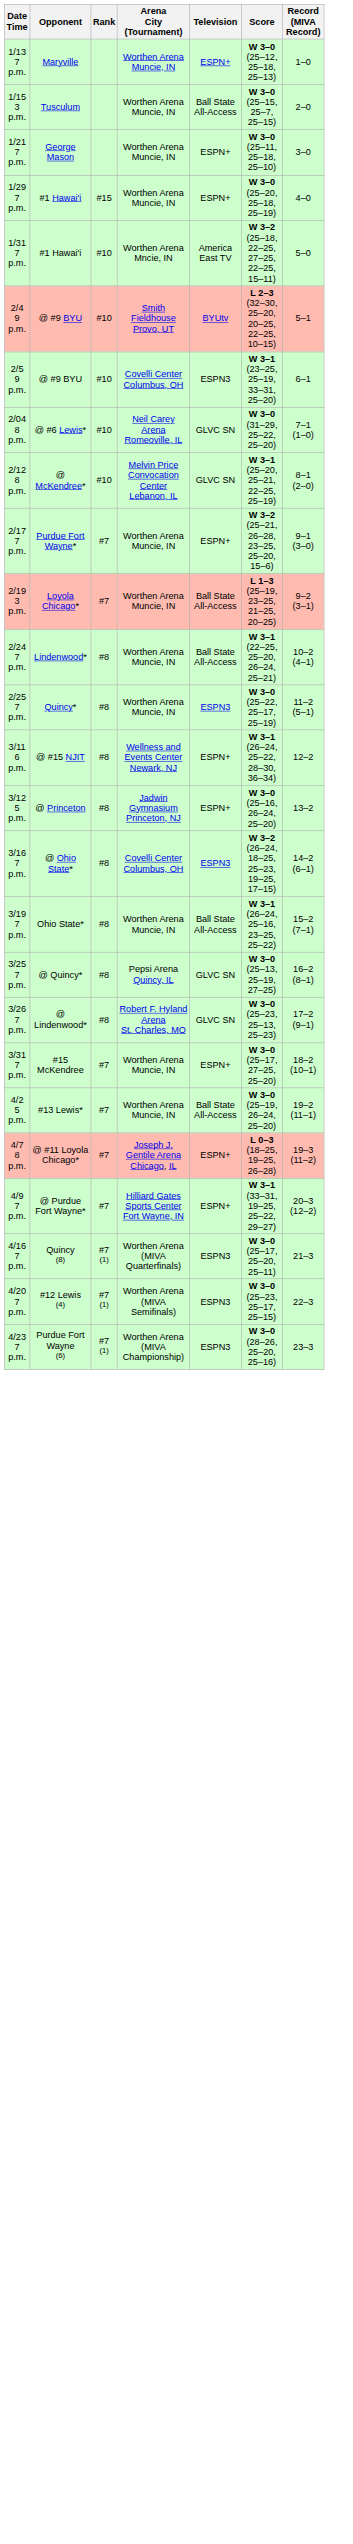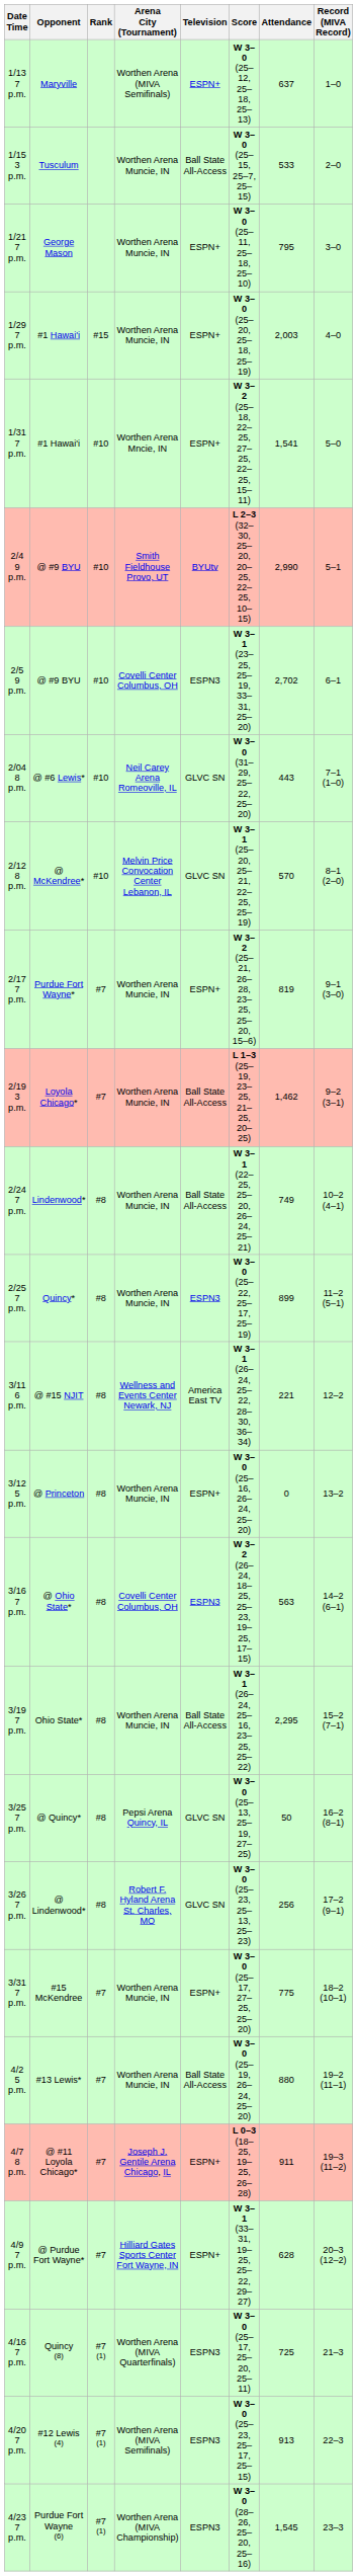 <table class="wikitable sortable" style="width:90%">
 <tr>
 <th>Date<br>Time</th>
 <th>Opponent</th>
 <th>Rank</th>
 <th>Arena<br>City<br>(Tournament)</th>
 <th>Television</th>
 <th>Score</th>
+<th>Attendance</th>
 <th>Record<br>(MIVA Record)</th>
 </tr>
 <tr align="center" bgcolor="#ccffcc">
 <td>1/13<br>7 p.m.</td>
 <td><a href='#'>Maryville</a></td>
 <td></td>
-<td><a href='#'>Worthen Arena</a><br><a href='#'>Muncie, IN</a></td>
+<td>Worthen Arena<br>(MIVA Semifinals)</td>
 <td><a href='#'>ESPN+</a></td>
 <td><strong>W 3–0</strong><br>(25–12, 25–18, 25–13)</td>
+<td>637</td>
 <td>1–0</td>
 </tr>
 <tr align="center" bgcolor="#ccffcc">
 <td>1/15<br>3 p.m.</td>
 <td><a href='#'>Tusculum</a></td>
 <td></td>
 <td>Worthen Arena<br>Muncie, IN</td>
 <td>Ball State All-Access</td>
 <td><strong>W 3–0</strong><br>(25–15, 25–7, 25–15)</td>
+<td>533</td>
 <td>2–0</td>
 </tr>
 <tr align="center" bgcolor="#ccffcc">
 <td>1/21<br>7 p.m.</td>
 <td><a href='#'>George Mason</a></td>
 <td></td>
 <td>Worthen Arena<br>Muncie, IN</td>
 <td>ESPN+</td>
 <td><strong>W 3–0</strong><br>(25–11, 25–18, 25–10)</td>
+<td>795</td>
 <td>3–0</td>
 </tr>
 <tr align="center" bgcolor="#ccffcc">
 <td>1/29<br>7 p.m.</td>
 <td>#1 <a href='#'>Hawai'i</a></td>
 <td>#15</td>
 <td>Worthen Arena<br>Muncie, IN</td>
 <td>ESPN+</td>
 <td><strong>W 3–0</strong><br>(25–20, 25–18, 25–19)</td>
+<td>2,003</td>
 <td>4–0</td>
 </tr>
 <tr align="center" bgcolor="#ccffcc">
 <td>1/31<br>7 p.m.</td>
 <td>#1 Hawai'i</td>
 <td>#10</td>
 <td>Worthen Arena<br>Mncie, IN</td>
-<td>America East TV</td>
+<td>ESPN+</td>
 <td><strong>W 3–2</strong><br>(25–18, 22–25, 27–25, 22–25, 15–11)</td>
+<td>1,541</td>
 <td>5–0</td>
 </tr>
 <tr align="center" bgcolor="#ffbbb">
 <td>2/4<br>9 p.m.</td>
 <td>@ #9 <a href='#'>BYU</a></td>
 <td>#10</td>
 <td><a href='#'>Smith Fieldhouse</a><br><a href='#'>Provo, UT</a></td>
 <td><a href='#'>BYUtv</a></td>
 <td><strong>L 2–3</strong><br>(32–30, 25–20, 20–25, 22–25, 10–15)</td>
+<td>2,990</td>
 <td>5–1</td>
 </tr>
 <tr align="center" bgcolor="#ccffcc">
 <td>2/5<br>9 p.m.</td>
 <td>@ #9 BYU</td>
 <td>#10</td>
 <td><a href='#'>Covelli Center</a><br><a href='#'>Columbus, OH</a></td>
 <td>ESPN3</td>
 <td><strong>W 3–1</strong><br>(23–25, 25–19, 33–31, 25–20)</td>
+<td>2,702</td>
 <td>6–1</td>
 </tr>
 <tr align="center" bgcolor="#ccffcc">
 <td>2/04<br>8 p.m.</td>
 <td>@ #6 <a href='#'>Lewis</a>*</td>
 <td>#10</td>
 <td><a href='#'>Neil Carey Arena</a><br><a href='#'>Romeoville, IL</a></td>
 <td>GLVC SN</td>
 <td><strong>W 3–0</strong><br>(31–29, 25–22, 25–20)</td>
+<td>443</td>
 <td>7–1<br>(1–0)</td>
 </tr>
 <tr align="center" bgcolor="#ccffcc">
 <td>2/12<br>8 p.m.</td>
 <td>@ <a href='#'>McKendree</a>*</td>
 <td>#10</td>
 <td><a href='#'>Melvin Price Convocation Center</a><br><a href='#'>Lebanon, IL</a></td>
 <td>GLVC SN</td>
 <td><strong>W 3–1</strong><br>(25–20, 25–21, 22–25, 25–19)</td>
+<td>570</td>
 <td>8–1<br>(2–0)</td>
 </tr>
 <tr align="center" bgcolor="#ccffcc">
 <td>2/17<br>7 p.m.</td>
 <td><a href='#'>Purdue Fort Wayne</a>*</td>
 <td>#7</td>
 <td>Worthen Arena<br>Muncie, IN</td>
 <td>ESPN+</td>
 <td><strong>W 3–2</strong><br>(25–21, 26–28, 23–25, 25–20, 15–6)</td>
+<td>819</td>
 <td>9–1<br>(3–0)</td>
 </tr>
 <tr align="center" bgcolor="#ffbbb">
 <td>2/19<br>3 p.m.</td>
 <td><a href='#'>Loyola Chicago</a>*</td>
 <td>#7</td>
 <td>Worthen Arena<br>Muncie, IN</td>
 <td>Ball State All-Access</td>
 <td><strong>L 1–3</strong><br>(25–19, 23–25, 21–25, 20–25)</td>
+<td>1,462</td>
 <td>9–2<br>(3–1)</td>
 </tr>
 <tr align="center" bgcolor="#ccffcc">
 <td>2/24<br>7 p.m.</td>
 <td><a href='#'>Lindenwood</a>*</td>
 <td>#8</td>
 <td>Worthen Arena<br>Muncie, IN</td>
 <td>Ball State All-Access</td>
 <td><strong>W 3–1</strong><br>(22–25, 25–20, 26–24, 25–21)</td>
+<td>749</td>
 <td>10–2<br>(4–1)</td>
 </tr>
 <tr align="center" bgcolor="#ccffcc">
 <td>2/25<br>7 p.m.</td>
 <td><a href='#'>Quincy</a>*</td>
 <td>#8</td>
 <td>Worthen Arena<br>Muncie, IN</td>
 <td><a href='#'>ESPN3</a></td>
 <td><strong>W 3–0</strong><br>(25–22, 25–17, 25–19)</td>
+<td>899</td>
 <td>11–2<br>(5–1)</td>
 </tr>
 <tr align="center" bgcolor="#ccffcc">
 <td>3/11<br>6 p.m.</td>
 <td>@ #15 <a href='#'>NJIT</a></td>
 <td>#8</td>
 <td><a href='#'>Wellness and Events Center</a><br><a href='#'>Newark, NJ</a></td>
-<td>ESPN+</td>
+<td>America East TV</td>
 <td><strong>W 3–1</strong><br>(26–24, 25–22, 28–30, 36–34)</td>
+<td>221</td>
 <td>12–2</td>
 </tr>
 <tr align="center" bgcolor="#ccffcc">
 <td>3/12<br>5 p.m.</td>
 <td>@ <a href='#'>Princeton</a></td>
 <td>#8</td>
-<td><a href='#'>Jadwin Gymnasium</a><br><a href='#'>Princeton, NJ</a></td>
+<td>Worthen Arena<br>Muncie, IN</td>
 <td>ESPN+</td>
 <td><strong>W 3–0</strong><br>(25–16, 26–24, 25–20)</td>
+<td>0</td>
 <td>13–2</td>
 </tr>
 <tr align="center" bgcolor="#ccffcc">
 <td>3/16<br>7 p.m.</td>
 <td>@ <a href='#'>Ohio State</a>*</td>
 <td>#8</td>
 <td><a href='#'>Covelli Center</a><br><a href='#'>Columbus, OH</a></td>
 <td><a href='#'>ESPN3</a></td>
 <td><strong>W 3–2</strong><br>(26–24, 18–25, 25–23, 19–25, 17–15)</td>
+<td>563</td>
 <td>14–2<br>(6–1)</td>
 </tr>
 <tr align="center" bgcolor="#ccffcc">
 <td>3/19<br>7 p.m.</td>
 <td>Ohio State*</td>
 <td>#8</td>
 <td>Worthen Arena<br>Muncie, IN</td>
 <td>Ball State All-Access</td>
 <td><strong>W 3–1</strong><br>(26–24, 25–16, 23–25, 25–22)</td>
+<td>2,295</td>
 <td>15–2<br>(7–1)</td>
 </tr>
 <tr align="center" bgcolor="#ccffcc">
 <td>3/25<br>7 p.m.</td>
 <td>@ Quincy*</td>
 <td>#8</td>
 <td>Pepsi Arena<br><a href='#'>Quincy, IL</a></td>
 <td>GLVC SN</td>
 <td><strong>W 3–0</strong><br>(25–13, 25–19, 27–25)</td>
+<td>50</td>
 <td>16–2<br>(8–1)</td>
 </tr>
 <tr align="center" bgcolor="#ccffcc">
 <td>3/26<br>7 p.m.</td>
 <td>@ Lindenwood*</td>
 <td>#8</td>
 <td><a href='#'>Robert F. Hyland Arena</a><br><a href='#'>St. Charles, MO</a></td>
 <td>GLVC SN</td>
 <td><strong>W 3–0</strong><br>(25–23, 25–13, 25–23)</td>
+<td>256</td>
 <td>17–2<br>(9–1)</td>
 </tr>
 <tr align="center" bgcolor="#ccffcc">
 <td>3/31<br>7 p.m.</td>
 <td>#15 McKendree</td>
 <td>#7</td>
 <td>Worthen Arena<br>Muncie, IN</td>
 <td>ESPN+</td>
 <td><strong>W 3–0</strong><br>(25–17, 27–25, 25–20)</td>
+<td>775</td>
 <td>18–2<br>(10–1)</td>
 </tr>
 <tr align="center" bgcolor="#ccffcc">
 <td>4/2<br>5 p.m.</td>
 <td>#13 Lewis*</td>
 <td>#7</td>
 <td>Worthen Arena<br>Muncie, IN</td>
 <td>Ball State All-Access</td>
 <td><strong>W 3–0</strong><br>(25–19, 26–24, 25–20)</td>
+<td>880</td>
 <td>19–2<br>(11–1)</td>
 </tr>
 <tr align="center" bgcolor="#ffbbb">
 <td>4/7<br>8 p.m.</td>
 <td>@ #11 Loyola Chicago*</td>
 <td>#7</td>
 <td><a href='#'>Joseph J. Gentile Arena</a><br><a href='#'>Chicago</a>, <a href='#'>IL</a></td>
 <td>ESPN+</td>
 <td><strong>L 0–3</strong><br>(18–25, 19–25, 26–28)</td>
+<td>911</td>
 <td>19–3<br>(11–2)</td>
 </tr>
 <tr align="center" bgcolor="#ccffcc">
 <td>4/9<br>7 p.m.</td>
 <td>@ Purdue Fort Wayne*</td>
 <td>#7</td>
 <td><a href='#'>Hilliard Gates Sports Center</a><br><a href='#'>Fort Wayne, IN</a></td>
 <td>ESPN+</td>
 <td><strong>W 3–1</strong><br>(33–31, 19–25, 25–22, 29–27)</td>
+<td>628</td>
 <td>20–3<br>(12–2)</td>
 </tr>
 <tr align="center" bgcolor="#ccffcc">
 <td>4/16<br>7 p.m.</td>
 <td>Quincy <br> <sup>(8)</sup></td>
 <td>#7 <br> <sup>(1)</sup></td>
 <td>Worthen Arena<br>(MIVA Quarterfinals)</td>
 <td>ESPN3</td>
 <td><strong>W 3–0</strong><br>(25–17, 25–20, 25–11)</td>
+<td>725</td>
 <td>21–3</td>
 </tr>
 <tr align="center" bgcolor="#ccffcc">
 <td>4/20<br>7 p.m.</td>
 <td>#12 Lewis <br> <sup>(4)</sup></td>
 <td>#7 <br> <sup>(1)</sup></td>
 <td>Worthen Arena<br>(MIVA Semifinals)</td>
 <td>ESPN3</td>
 <td><strong>W 3–0</strong><br>(25–23, 25–17, 25–15)</td>
+<td>913</td>
 <td>22–3</td>
 </tr>
 <tr align="center" bgcolor="#ccffcc">
 <td>4/23<br>7 p.m.</td>
 <td>Purdue Fort Wayne <br> <sup>(6)</sup></td>
 <td>#7 <br> <sup>(1)</sup></td>
 <td>Worthen Arena<br>(MIVA Championship)</td>
 <td>ESPN3</td>
 <td><strong>W 3–0</strong><br>(28–26, 25–20, 25–16)</td>
+<td>1,545</td>
 <td>23–3</td>
 </tr>
 </table>
